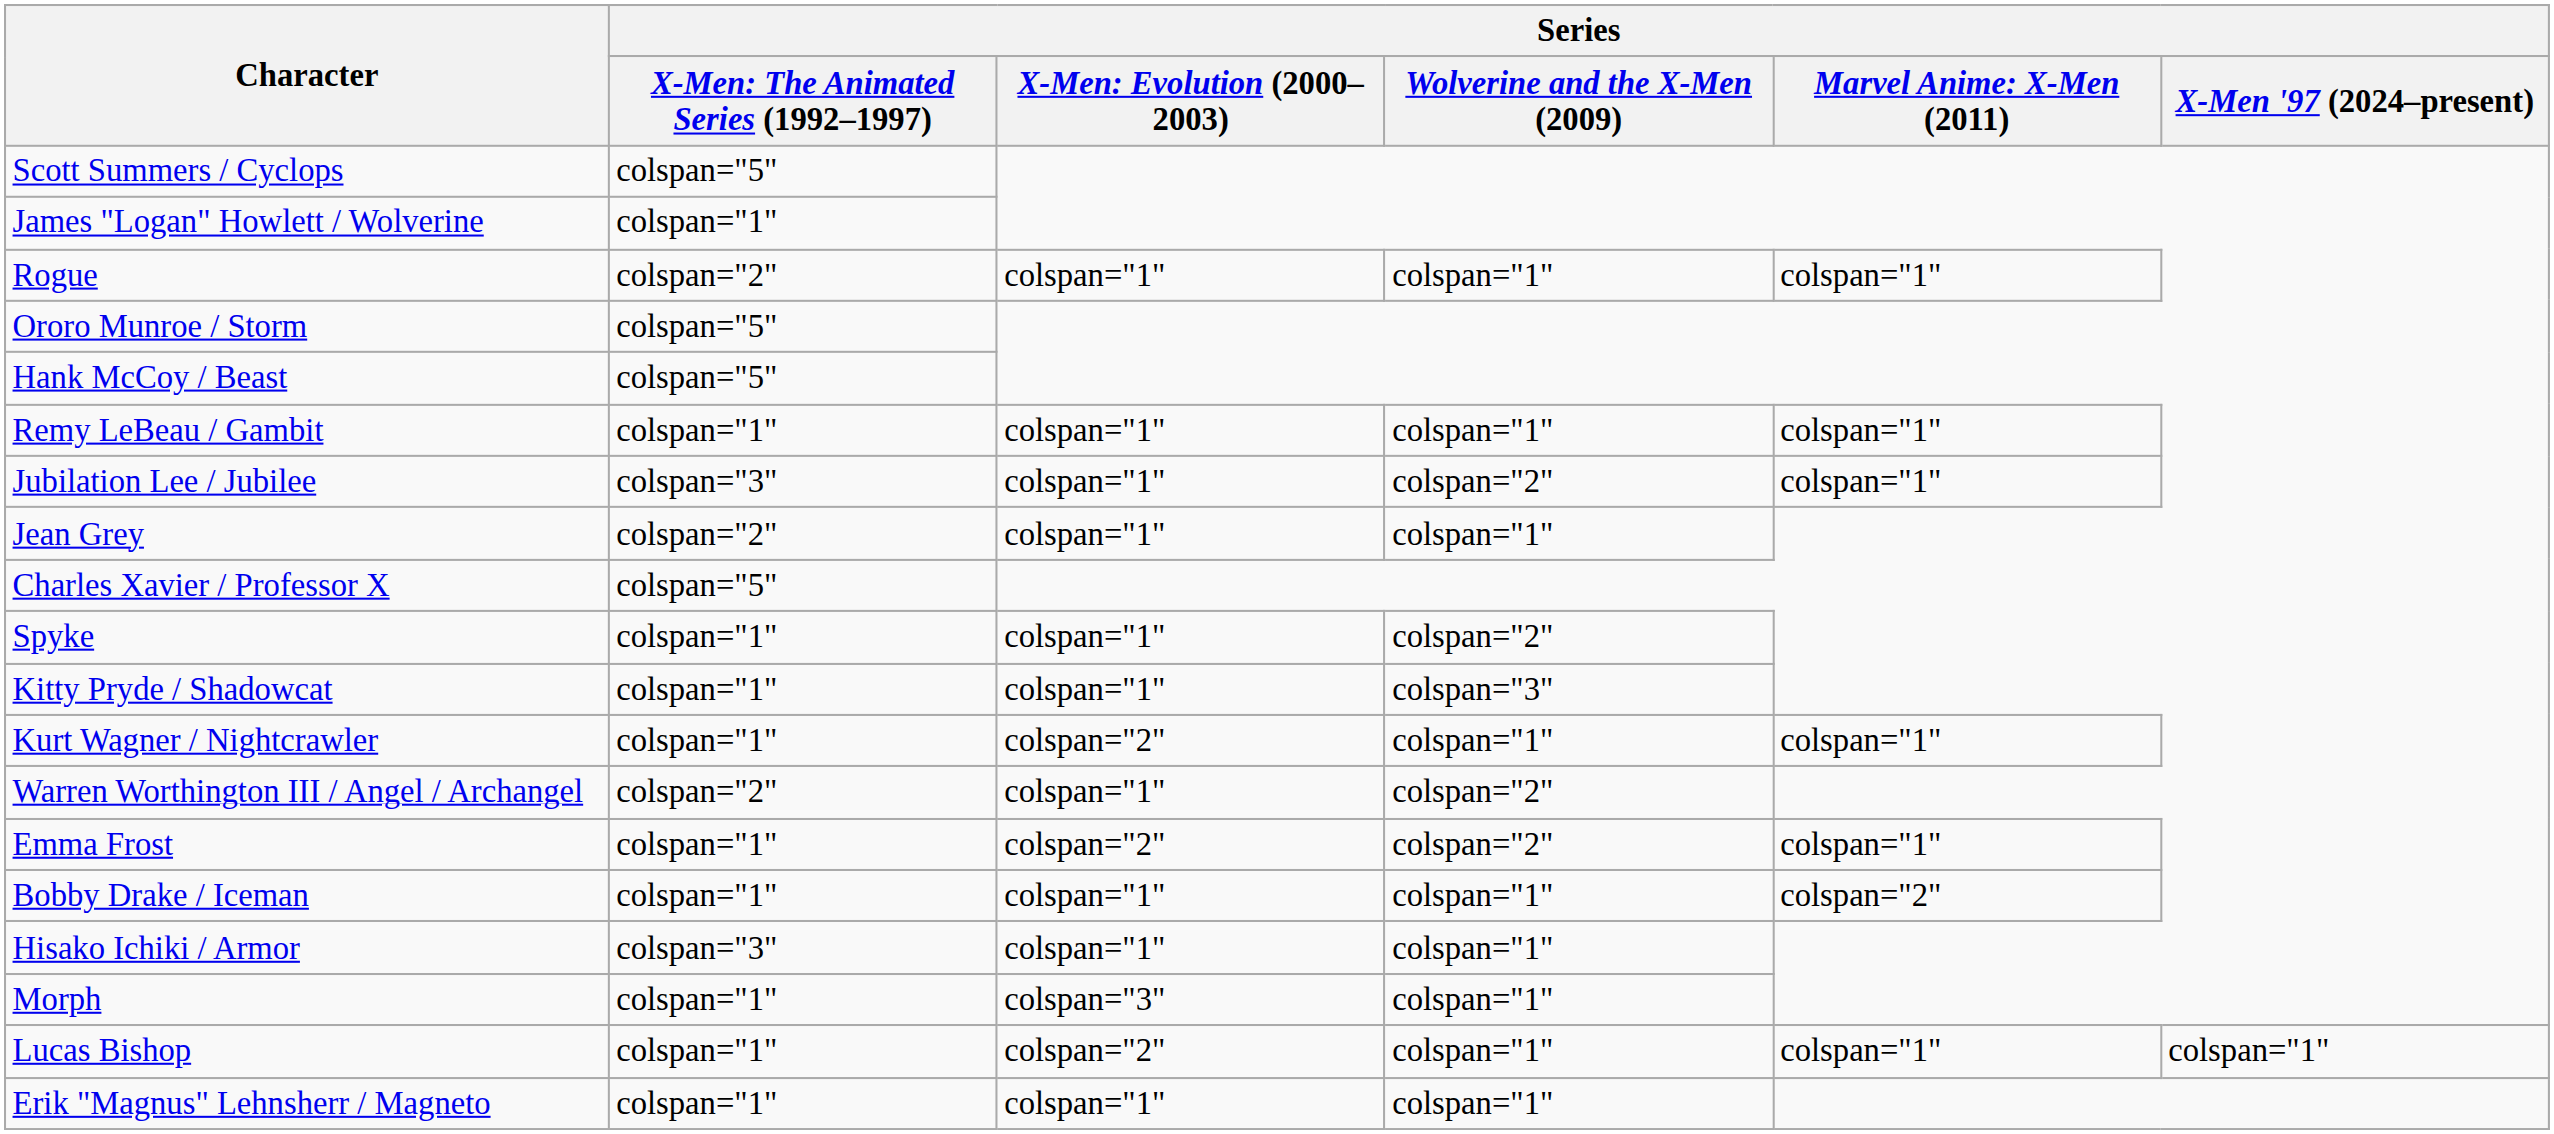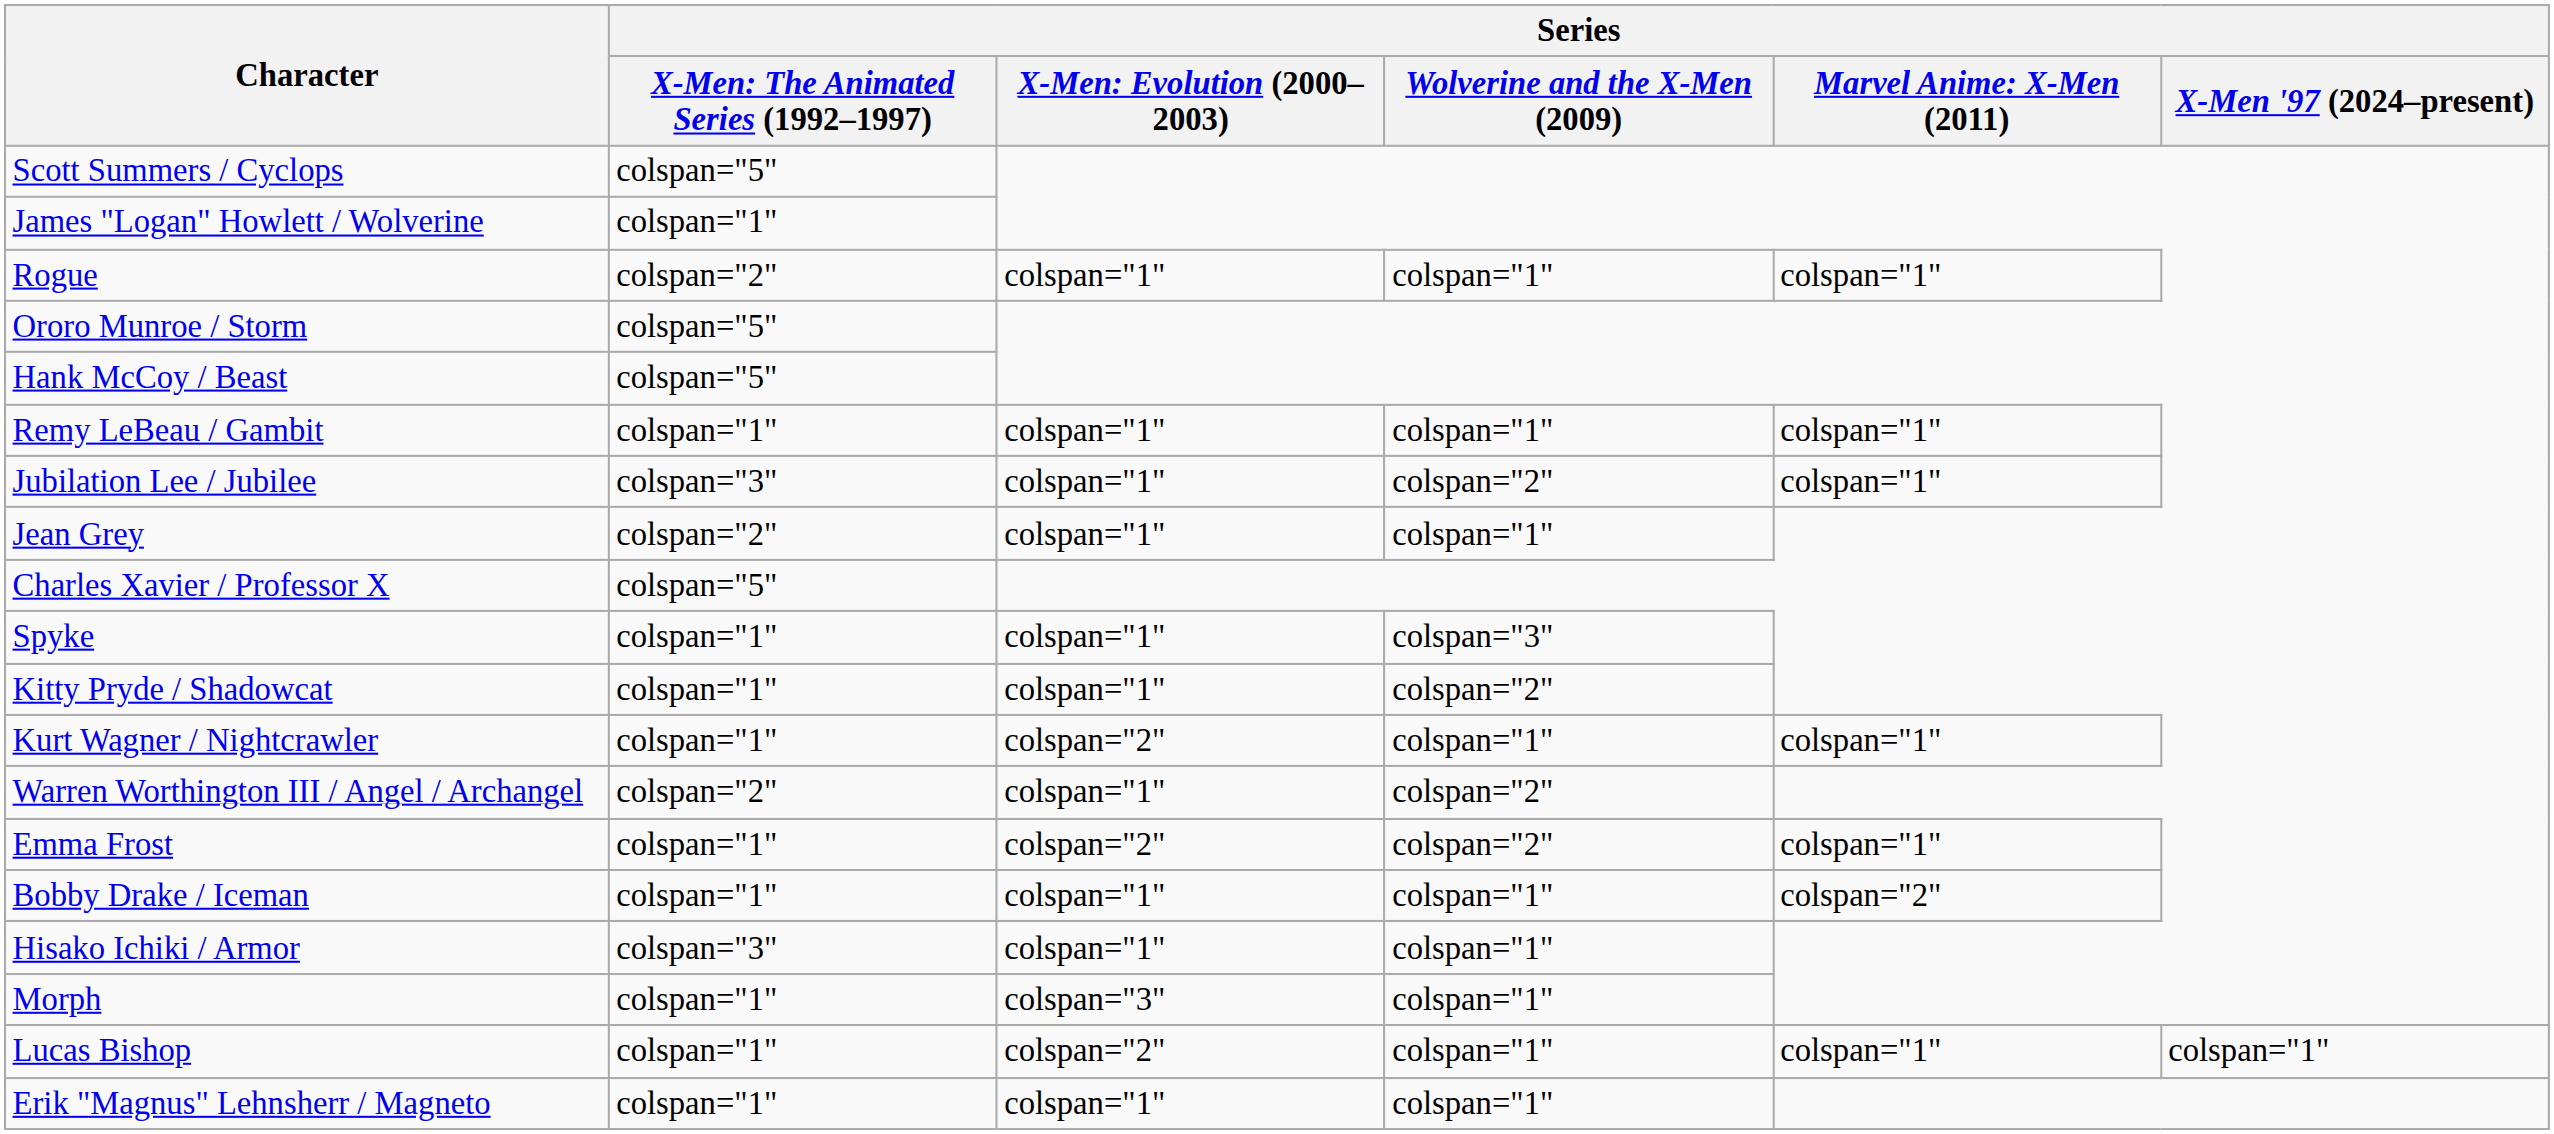 <table class="wikitable">
 <tr>
 <th rowspan="2" style="width:14%;">Character</th>
 <th colspan="5">Series</th>
 </tr>
 <tr>
 <th style="width:9%;"><em><a href='#'>X-Men: The Animated Series</a></em> (1992–1997)</th>
 <th style="width:9%;"><em><a href='#'>X-Men: Evolution</a></em> (2000–2003)</th>
 <th style="width:9%;"><em><a href='#'>Wolverine and the X-Men</a></em> (2009)</th>
 <th style="width:9%;"><em><a href='#'>Marvel Anime: X-Men</a></em> (2011)</th>
 <th style="width:9%;"><em><a href='#'>X-Men '97</a></em> (2024–present)</th>
 </tr>
 <tr>
 <td><a href='#'>Scott Summers / Cyclops</a></td>
 <td>colspan="5" </td>
 </tr>
 <tr>
 <td><a href='#'>James "Logan" Howlett / Wolverine</a></td>
 <td>colspan="1" </td>
 </tr>
 <tr>
 <td><a href='#'>Rogue</a></td>
 <td>colspan="2" </td>
 <td>colspan="1" </td>
 <td>colspan="1" </td>
 <td>colspan="1" </td>
 </tr>
 <tr>
 <td><a href='#'>Ororo Munroe / Storm</a></td>
 <td>colspan="5" </td>
 </tr>
 <tr>
 <td><a href='#'>Hank McCoy / Beast</a></td>
 <td>colspan="5" </td>
 </tr>
 <tr>
 <td><a href='#'>Remy LeBeau / Gambit</a></td>
 <td>colspan="1" </td>
 <td>colspan="1" </td>
 <td>colspan="1" </td>
 <td>colspan="1" </td>
 </tr>
 <tr>
 <td><a href='#'>Jubilation Lee / Jubilee</a></td>
 <td>colspan="3" </td>
 <td>colspan="1" </td>
 <td>colspan="2" </td>
 <td>colspan="1" </td>
 </tr>
 <tr>
 <td><a href='#'>Jean Grey</a></td>
 <td>colspan="2" </td>
 <td>colspan="1" </td>
 <td>colspan="1" </td>
 </tr>
 <tr>
 <td><a href='#'>Charles Xavier / Professor X</a></td>
 <td>colspan="5" </td>
 </tr>
 <tr>
 <td><a href='#'>Spyke</a></td>
 <td>colspan="1" </td>
 <td>colspan="1" </td>
-<td>colspan="2" </td>
+<td>colspan="3" </td>
 </tr>
 <tr>
 <td><a href='#'>Kitty Pryde / Shadowcat</a></td>
 <td>colspan="1" </td>
 <td>colspan="1" </td>
-<td>colspan="3" </td>
+<td>colspan="2" </td>
 </tr>
 <tr>
 <td><a href='#'>Kurt Wagner / Nightcrawler</a></td>
 <td>colspan="1" </td>
 <td>colspan="2" </td>
 <td>colspan="1" </td>
 <td>colspan="1" </td>
 </tr>
 <tr>
 <td><a href='#'>Warren Worthington III / Angel / Archangel</a></td>
 <td>colspan="2" </td>
 <td>colspan="1" </td>
 <td>colspan="2" </td>
 </tr>
 <tr>
 <td><a href='#'>Emma Frost</a></td>
 <td>colspan="1" </td>
 <td>colspan="2" </td>
 <td>colspan="2" </td>
 <td>colspan="1" </td>
 </tr>
 <tr>
 <td><a href='#'>Bobby Drake / Iceman</a></td>
 <td>colspan="1" </td>
 <td>colspan="1" </td>
 <td>colspan="1" </td>
 <td>colspan="2" </td>
 </tr>
 <tr>
 <td><a href='#'>Hisako Ichiki / Armor</a></td>
 <td>colspan="3" </td>
 <td>colspan="1" </td>
 <td>colspan="1" </td>
 </tr>
 <tr>
 <td><a href='#'>Morph</a></td>
 <td>colspan="1" </td>
 <td>colspan="3" </td>
 <td>colspan="1" </td>
 </tr>
 <tr>
 <td><a href='#'>Lucas Bishop</a></td>
 <td>colspan="1" </td>
 <td>colspan="2" </td>
 <td>colspan="1" </td>
 <td>colspan="1" </td>
 <td>colspan="1" </td>
 </tr>
 <tr>
 <td><a href='#'>Erik "Magnus" Lehnsherr / Magneto</a></td>
 <td>colspan="1" </td>
 <td>colspan="1" </td>
 <td>colspan="1" </td>
 </tr>
 </table>
